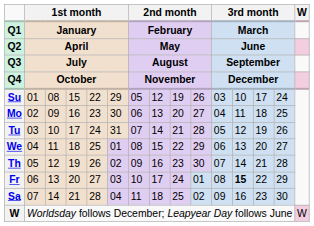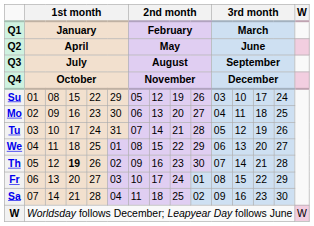 <table class="wikitable">
 <tr>
 <td style="border-bottom: medium solid #A3BFB1"></td>
 <th style="border-bottom: medium solid #BFB1A3" colspan=5>1st month</th>
 <th style="border-bottom: medium solid #B1A3BF" colspan=4>2nd month</th>
 <th style="border-bottom: medium solid #A3B1BF" colspan=4>3rd month</th>
 <th style="border-bottom: medium solid #BFA3B1">W</th>
 </tr>
 <tr>
 <th style="background:#CEF2E0">Q1</th>
 <th style="background:#F2E0CE" colspan=5>January</th>
 <th style="background:#E0CEF2" colspan=4>February</th>
 <th style="background:#CEE0F2" colspan=4>March</th>
 <td></td>
 </tr>
 <tr>
 <th style="background:#CEF2E0">Q2</th>
 <th style="background:#F2E0CE" colspan=5>April</th>
 <th style="background:#E0CEF2" colspan=4>May</th>
 <th style="background:#CEE0F2" colspan=4>June</th>
 <th style="background:#F2CEE0"></th>
 </tr>
 <tr>
 <th style="background:#CEF2E0">Q3</th>
 <th style="background:#F2E0CE" colspan=5>July</th>
 <th style="background:#E0CEF2" colspan=4>August</th>
 <th style="background:#CEE0F2" colspan=4>September</th>
 <td></td>
 </tr>
 <tr>
 <th style="background:#CEF2E0; border-bottom: medium solid #A3BFB1">Q4</th>
 <th style="background:#F2E0CE; border-bottom: medium solid #BFB1A3" colspan=5>October</th>
 <th style="background:#E0CEF2; border-bottom: medium solid #B1A3BF" colspan=4>November</th>
 <th style="background:#CEE0F2; border-bottom: medium solid #A3B1BF" colspan=4>December</th>
 <th style="background:#F2CEE0; border-bottom: medium solid #BFA3B1"></th>
 </tr>
 <tr>
 <th><a href='#'>Su</a></th>
 <td style="background:#F2E0CE">01</td>
 <td style="background:#F2E0CE">08</td>
 <td style="background:#F2E0CE">15</td>
 <td style="background:#F2E0CE">22</td>
 <td style="background:#F2E0CE">29</td>
 <td style="background:#E0CEF2">05</td>
 <td style="background:#E0CEF2">12</td>
 <td style="background:#E0CEF2">19</td>
 <td style="background:#E0CEF2">26</td>
 <td style="background:#CEE0F2">03</td>
 <td style="background:#CEE0F2">10</td>
 <td style="background:#CEE0F2">17</td>
 <td style="background:#CEE0F2">24</td>
 <td rowspan=7></td>
 </tr>
 <tr>
 <th><a href='#'>Mo</a></th>
 <td style="background:#F2E0CE">02</td>
 <td style="background:#F2E0CE">09</td>
 <td style="background:#F2E0CE">16</td>
 <td style="background:#F2E0CE">23</td>
 <td style="background:#F2E0CE">30</td>
 <td style="background:#E0CEF2">06</td>
 <td style="background:#E0CEF2">13</td>
 <td style="background:#E0CEF2">20</td>
 <td style="background:#E0CEF2">27</td>
 <td style="background:#CEE0F2">04</td>
 <td style="background:#CEE0F2">11</td>
 <td style="background:#CEE0F2">18</td>
 <td style="background:#CEE0F2">25</td>
 </tr>
 <tr>
 <th><a href='#'>Tu</a></th>
 <td style="background:#F2E0CE">03</td>
 <td style="background:#F2E0CE">10</td>
 <td style="background:#F2E0CE">17</td>
 <td style="background:#F2E0CE">24</td>
 <td style="background:#F2E0CE">31</td>
 <td style="background:#E0CEF2">07</td>
 <td style="background:#E0CEF2">14</td>
 <td style="background:#E0CEF2">21</td>
 <td style="background:#E0CEF2">28</td>
 <td style="background:#CEE0F2">05</td>
 <td style="background:#CEE0F2">12</td>
 <td style="background:#CEE0F2">19</td>
 <td style="background:#CEE0F2">26</td>
 </tr>
 <tr>
 <th><a href='#'>We</a></th>
 <td style="background:#F2E0CE">04</td>
 <td style="background:#F2E0CE">11</td>
 <td style="background:#F2E0CE">18</td>
 <td style="background:#F2E0CE">25</td>
 <td style="background:#E0CEF2">01</td>
 <td style="background:#E0CEF2">08</td>
 <td style="background:#E0CEF2">15</td>
 <td style="background:#E0CEF2">22</td>
 <td style="background:#E0CEF2">29</td>
 <td style="background:#CEE0F2">06</td>
 <td style="background:#CEE0F2">13</td>
 <td style="background:#CEE0F2">20</td>
 <td style="background:#CEE0F2">27</td>
 </tr>
 <tr>
 <th><a href='#'>Th</a></th>
 <td style="background:#F2E0CE">05</td>
 <td style="background:#F2E0CE">12</td>
-<td style="background:#F2E0CE">19</td>
+<td style="background:#F2E0CE"><strong>19</strong></td>
 <td style="background:#F2E0CE">26</td>
 <td style="background:#E0CEF2">02</td>
 <td style="background:#E0CEF2">09</td>
 <td style="background:#E0CEF2">16</td>
 <td style="background:#E0CEF2">23</td>
 <td style="background:#E0CEF2">30</td>
 <td style="background:#CEE0F2">07</td>
 <td style="background:#CEE0F2">14</td>
 <td style="background:#CEE0F2">21</td>
 <td style="background:#CEE0F2">28</td>
 </tr>
 <tr>
 <th><a href='#'>Fr</a></th>
 <td style="background:#F2E0CE">06</td>
 <td style="background:#F2E0CE">13</td>
 <td style="background:#F2E0CE">20</td>
 <td style="background:#F2E0CE">27</td>
 <td style="background:#E0CEF2">03</td>
 <td style="background:#E0CEF2">10</td>
 <td style="background:#E0CEF2">17</td>
 <td style="background:#E0CEF2">24</td>
 <td style="background:#CEE0F2">01</td>
 <td style="background:#CEE0F2">08</td>
-<td style="background:#CEE0F2"><strong>15</strong></td>
+<td style="background:#CEE0F2">15</td>
 <td style="background:#CEE0F2">22</td>
 <td style="background:#CEE0F2">29</td>
 </tr>
 <tr>
 <th><a href='#'>Sa</a></th>
 <td style="background:#F2E0CE">07</td>
 <td style="background:#F2E0CE">14</td>
 <td style="background:#F2E0CE">21</td>
 <td style="background:#F2E0CE">28</td>
 <td style="background:#E0CEF2">04</td>
 <td style="background:#E0CEF2">11</td>
 <td style="background:#E0CEF2">18</td>
 <td style="background:#E0CEF2">25</td>
 <td style="background:#CEE0F2">02</td>
 <td style="background:#CEE0F2">09</td>
 <td style="background:#CEE0F2">16</td>
 <td style="background:#CEE0F2">23</td>
 <td style="background:#CEE0F2">30</td>
 </tr>
 <tr>
 <th>W</th>
 <td colspan=13><em>Worldsday</em> follows December; <em>Leapyear Day</em> follows June</td>
 <td style="background:#F2CEE0">W</td>
 </tr>
 </table>
